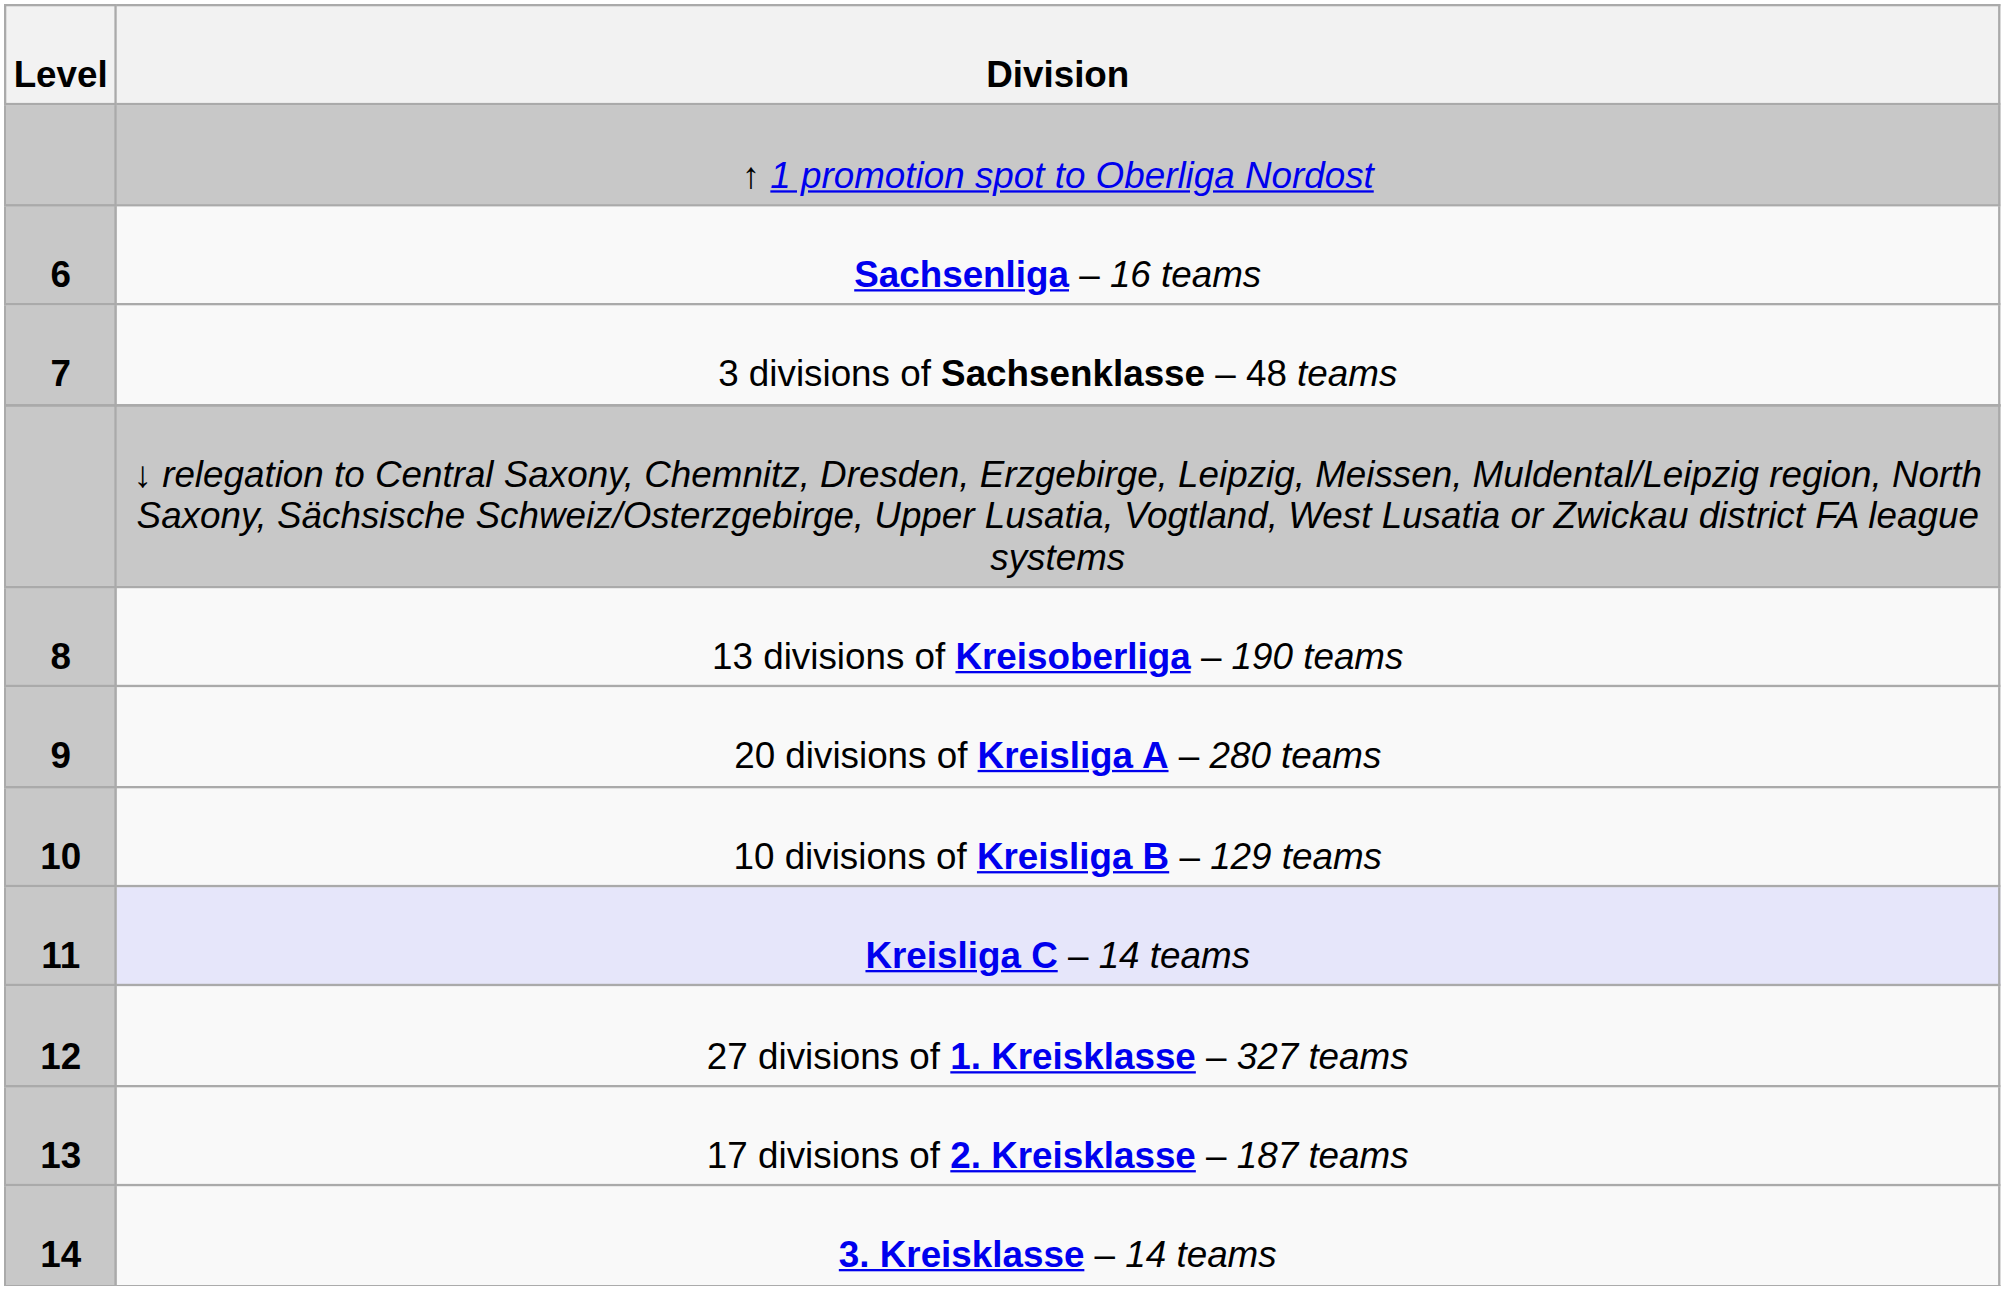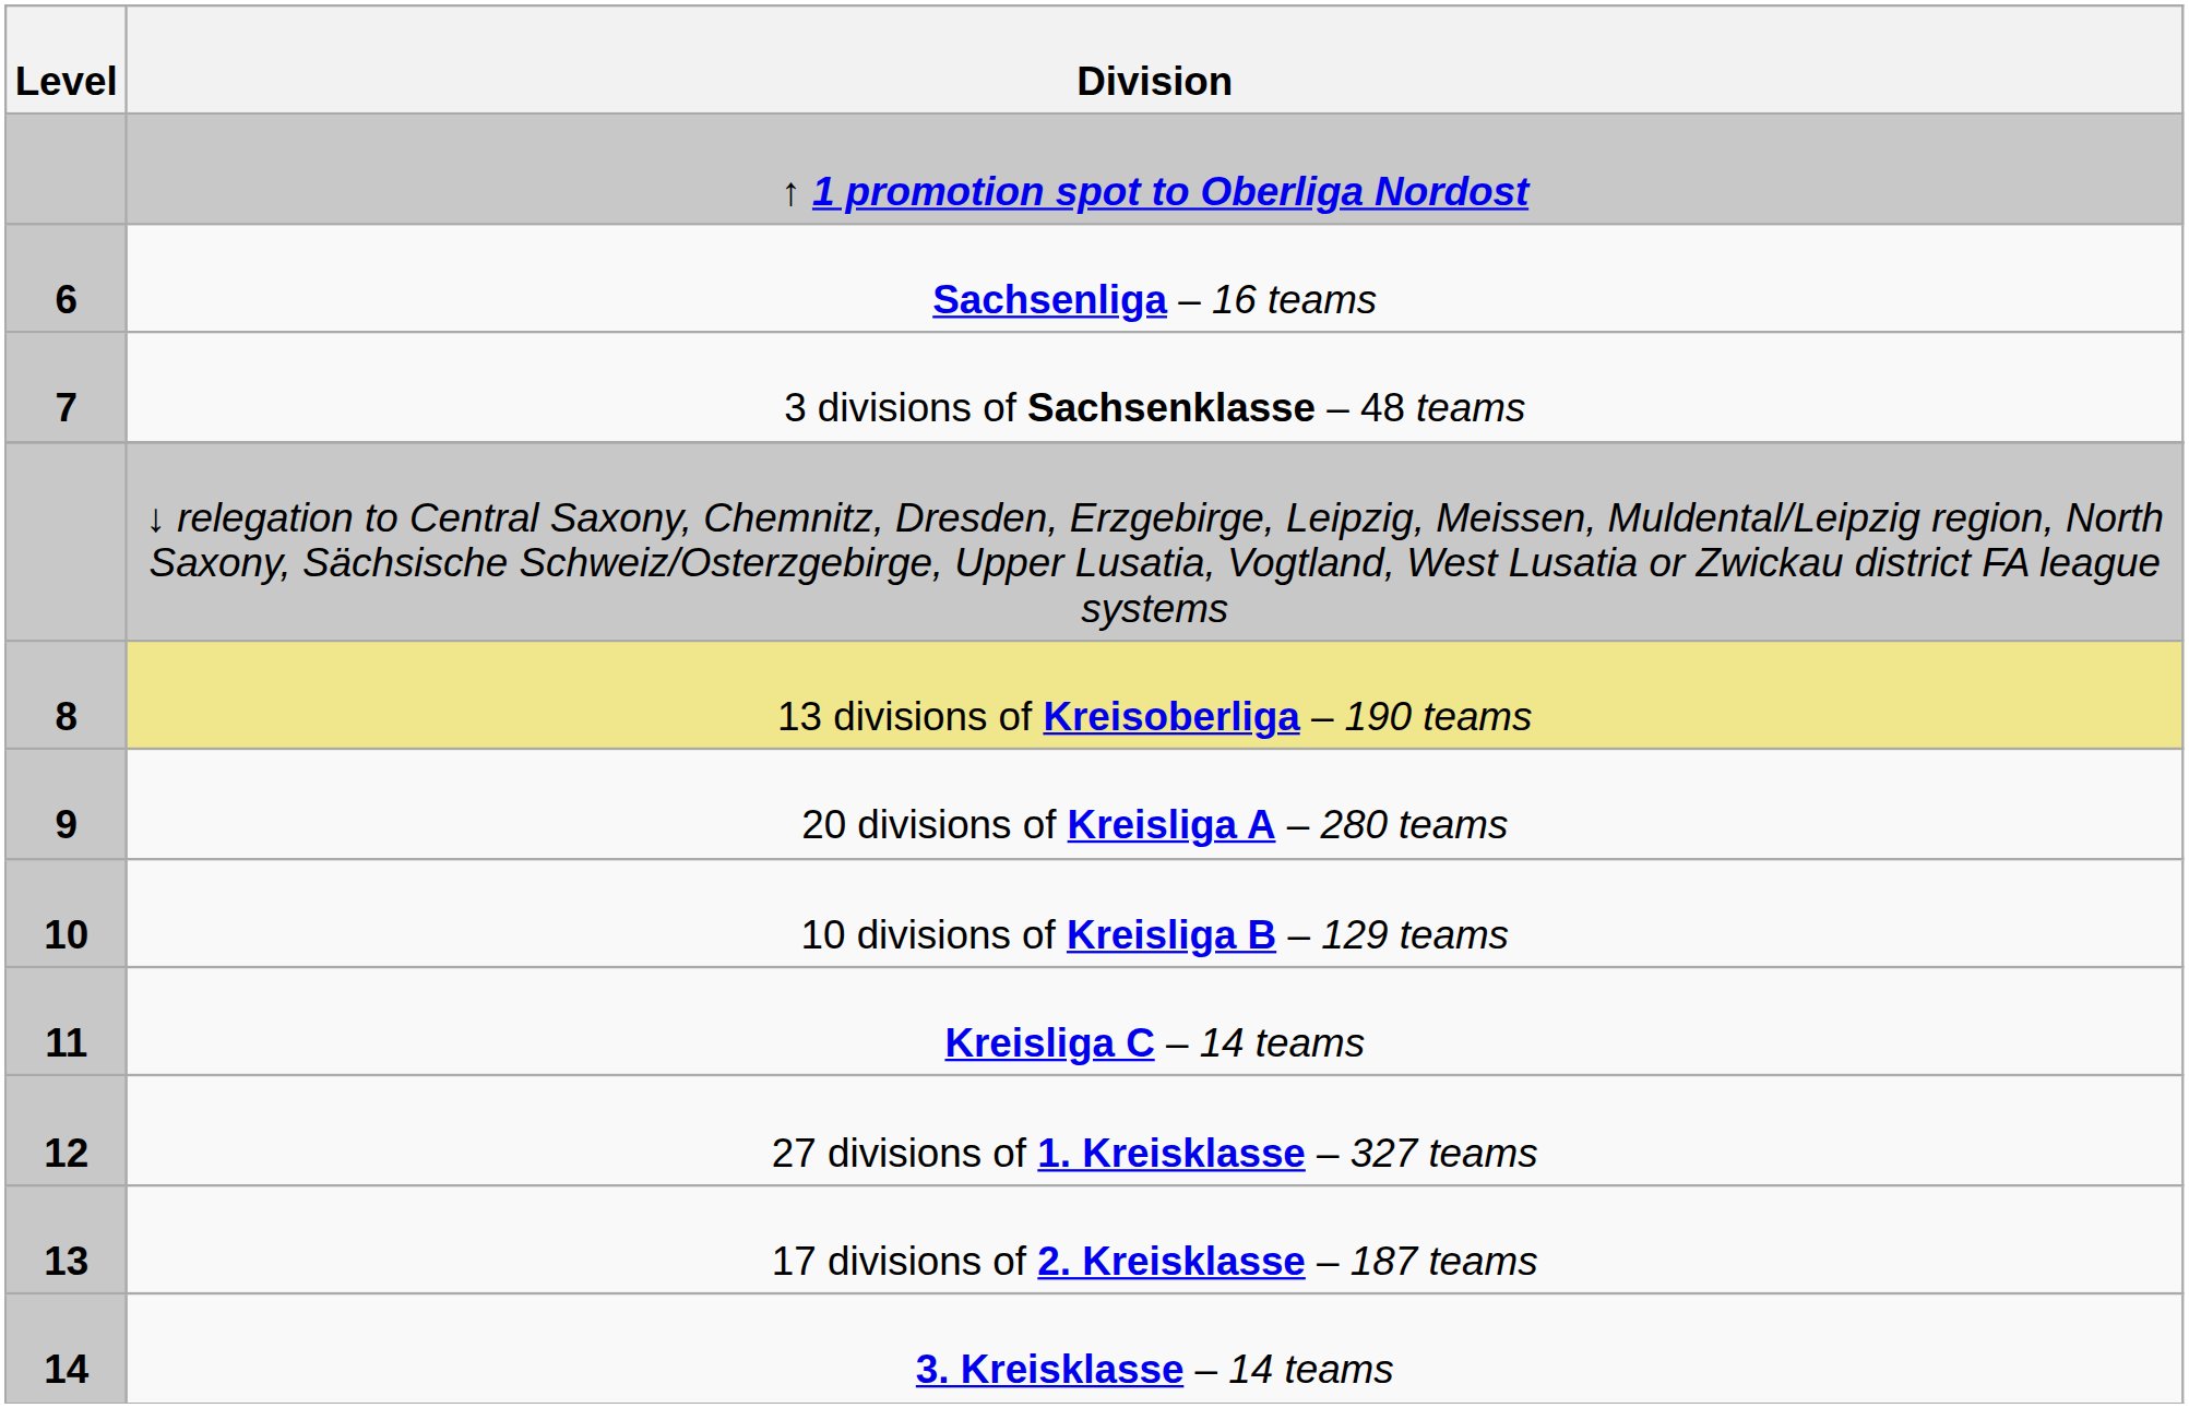 <table class="wikitable" style="text-align:center">
 <tr>
 <th colspan="1" width="4%"><br>Level</th>
 <th colspan="1"><br>Division</th>
 </tr>
 <tr style="background:#c8c8c8">
 <td colspan="1"></td>
-<td colspan="1"><br><em>↑ <a href='#'>1 promotion spot to Oberliga Nordost</a></em></td>
+<td colspan="1"><strong><br><em>↑ <a href='#'>1 promotion spot to Oberliga Nordost</a></em></strong></td>
 </tr>
 <tr>
 <td colspan="1" style="background:#c8c8c8"><br><strong>6</strong></td>
 <td colspan="1"><br><strong><a href='#'>Sachsenliga</a></strong> – <em>16 teams</em></td>
 </tr>
 <tr>
 <td colspan="1" style="background:#c8c8c8"><br><strong>7</strong></td>
 <td colspan="1"><br>3 divisions of <strong>Sachsenklasse</strong> – 48 <em>teams</em></td>
 </tr>
 <tr>
 </tr>
 <tr style="background:#c8c8c8">
 <td colspan="1" width="4%"></td>
 <td colspan="1" width="96%"><br><em>↓ relegation to Central Saxony, Chemnitz, Dresden, Erzgebirge, Leipzig, Meissen, Muldental/Leipzig region, North Saxony, Sächsische Schweiz/Osterzgebirge, Upper Lusatia, Vogtland, West Lusatia or Zwickau district FA league systems</em></td>
 </tr>
 <tr>
 <td colspan="1" style="background:#c8c8c8"><br><strong>8</strong></td>
-<td colspan="1"><br>13 divisions of <strong><a href='#'>Kreisoberliga</a></strong> – <em>190 teams</em></td>
+<td colspan="1" style="background: khaki;"><br>13 divisions of <strong><a href='#'>Kreisoberliga</a></strong> – <em>190 teams</em></td>
 </tr>
 <tr>
 <td colspan="1" style="background:#c8c8c8"><br><strong>9</strong></td>
 <td colspan="1"><br>20 divisions of <strong><a href='#'>Kreisliga A</a></strong> – <em>280 teams</em></td>
 </tr>
 <tr>
 <td colspan="1" style="background:#c8c8c8"><br><strong>10</strong></td>
 <td colspan="1"><br>10 divisions of <strong><a href='#'>Kreisliga B</a></strong> – <em>129 teams</em></td>
 </tr>
 <tr>
 <td colspan="1" style="background:#c8c8c8"><br><strong>11</strong></td>
-<td colspan="1" style="background: lavender;"><br><strong><a href='#'>Kreisliga C</a></strong> – <em>14 teams</em></td>
+<td colspan="1"><br><strong><a href='#'>Kreisliga C</a></strong> – <em>14 teams</em></td>
 </tr>
 <tr>
 <td colspan="1" style="background:#c8c8c8"><br><strong>12</strong></td>
 <td colspan="1"><br>27 divisions of <strong><a href='#'>1. Kreisklasse</a></strong> – <em>327 teams</em></td>
 </tr>
 <tr>
 <td colspan="1" style="background:#c8c8c8"><br><strong>13</strong></td>
 <td colspan="1"><br>17 divisions of <strong><a href='#'>2. Kreisklasse</a></strong> – <em>187 teams</em></td>
 </tr>
 <tr>
 <td colspan="1" style="background:#c8c8c8"><br><strong>14</strong></td>
 <td colspan="1"><br><strong><a href='#'>3. Kreisklasse</a></strong> – <em>14 teams</em></td>
 </tr>
 <tr>
 </tr>
 </table>
